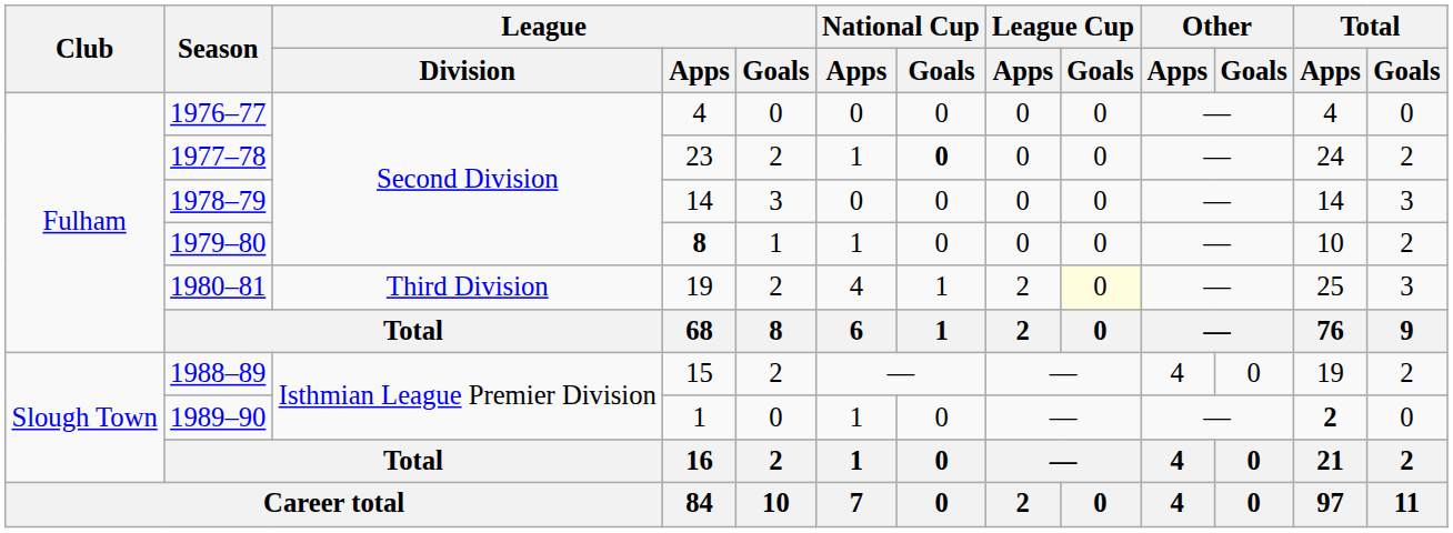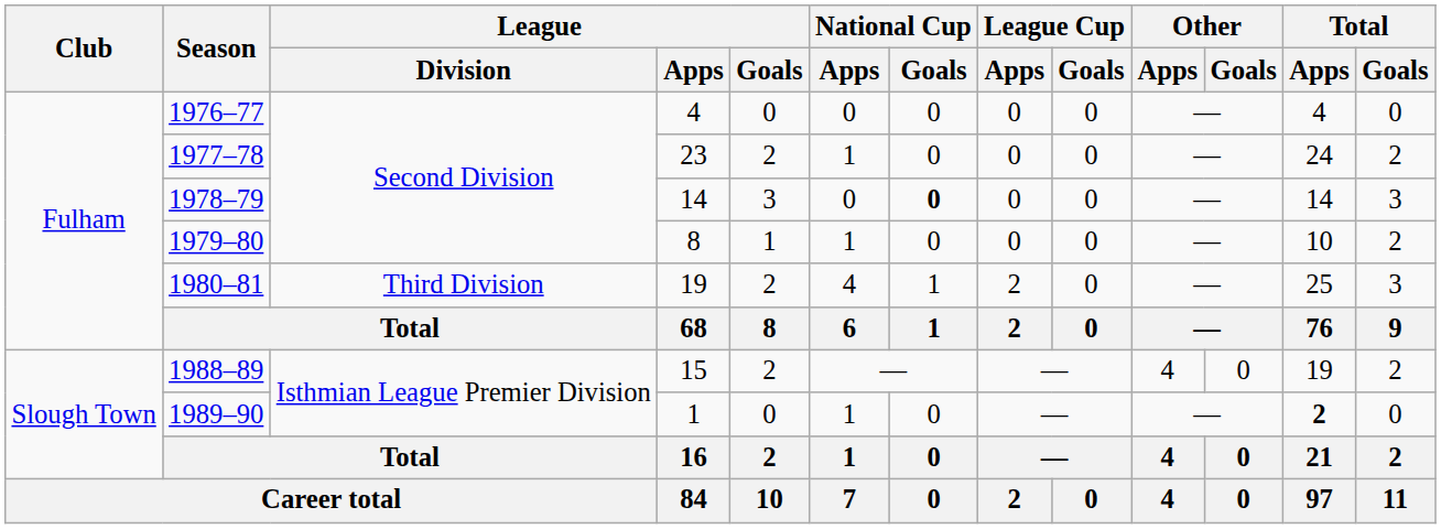 <table class="wikitable" style="text-align: center;">
 <tr>
 <th rowspan="2">Club</th>
 <th rowspan="2">Season</th>
 <th colspan="3">League</th>
 <th colspan="2">National Cup</th>
 <th colspan="2">League Cup</th>
 <th colspan="2">Other</th>
 <th colspan="2">Total</th>
 </tr>
 <tr>
 <th>Division</th>
 <th>Apps</th>
 <th>Goals</th>
 <th>Apps</th>
 <th>Goals</th>
 <th>Apps</th>
 <th>Goals</th>
 <th>Apps</th>
 <th>Goals</th>
 <th>Apps</th>
 <th>Goals</th>
 </tr>
 <tr>
 <td rowspan="6"><a href='#'>Fulham</a></td>
 <td><a href='#'>1976–77</a></td>
 <td rowspan="4"><a href='#'>Second Division</a></td>
 <td>4</td>
 <td>0</td>
 <td>0</td>
 <td>0</td>
 <td>0</td>
 <td>0</td>
 <td colspan="2">―</td>
 <td>4</td>
 <td>0</td>
 </tr>
 <tr>
 <td><a href='#'>1977–78</a></td>
 <td>23</td>
 <td>2</td>
 <td>1</td>
-<td><strong>0</strong></td>
+<td>0</td>
 <td>0</td>
 <td>0</td>
 <td colspan="2">―</td>
 <td>24</td>
 <td>2</td>
 </tr>
 <tr>
 <td><a href='#'>1978–79</a></td>
 <td>14</td>
 <td>3</td>
 <td>0</td>
-<td>0</td>
+<td><strong>0</strong></td>
 <td>0</td>
 <td>0</td>
 <td colspan="2">―</td>
 <td>14</td>
 <td>3</td>
 </tr>
 <tr>
 <td><a href='#'>1979–80</a></td>
-<td><strong>8</strong></td>
+<td>8</td>
 <td>1</td>
 <td>1</td>
 <td>0</td>
 <td>0</td>
 <td>0</td>
 <td colspan="2">―</td>
 <td>10</td>
 <td>2</td>
 </tr>
 <tr>
 <td><a href='#'>1980–81</a></td>
 <td><a href='#'>Third Division</a></td>
 <td>19</td>
 <td>2</td>
 <td>4</td>
 <td>1</td>
 <td>2</td>
-<td style="background: lightyellow;">0</td>
+<td>0</td>
 <td colspan="2">―</td>
 <td>25</td>
 <td>3</td>
 </tr>
 <tr>
 <th colspan="2">Total</th>
 <th>68</th>
 <th>8</th>
 <th>6</th>
 <th>1</th>
 <th>2</th>
 <th>0</th>
 <th colspan="2">―</th>
 <th>76</th>
 <th>9</th>
 </tr>
 <tr>
 <td rowspan="3"><a href='#'>Slough Town</a></td>
 <td><a href='#'>1988–89</a></td>
 <td rowspan="2"><a href='#'>Isthmian League</a> Premier Division</td>
 <td>15</td>
 <td>2</td>
 <td colspan="2">―</td>
 <td colspan="2">―</td>
 <td>4</td>
 <td>0</td>
 <td>19</td>
 <td>2</td>
 </tr>
 <tr>
 <td><a href='#'>1989–90</a></td>
 <td>1</td>
 <td>0</td>
 <td>1</td>
 <td>0</td>
 <td colspan="2">―</td>
 <td colspan="2">―</td>
 <td><strong>2</strong></td>
 <td>0</td>
 </tr>
 <tr>
 <th colspan="2">Total</th>
 <th>16</th>
 <th>2</th>
 <th>1</th>
 <th>0</th>
 <th colspan="2">―</th>
 <th>4</th>
 <th>0</th>
 <th>21</th>
 <th>2</th>
 </tr>
 <tr>
 <th colspan="3">Career total</th>
 <th>84</th>
 <th>10</th>
 <th>7</th>
 <th>0</th>
 <th>2</th>
 <th>0</th>
 <th>4</th>
 <th>0</th>
 <th>97</th>
 <th>11</th>
 </tr>
 </table>
